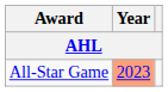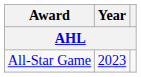 <table class="wikitable">
 <tr>
 <th>Award</th>
 <th>Year</th>
 <th></th>
 </tr>
 <tr>
 <th colspan="3"><a href='#'>AHL</a></th>
 </tr>
 <tr>
 <td><a href='#'>All-Star Game</a></td>
-<td style="background: lightsalmon;"><a href='#'>2023</a></td>
+<td><a href='#'>2023</a></td>
 <td></td>
 </tr>
 </table>
